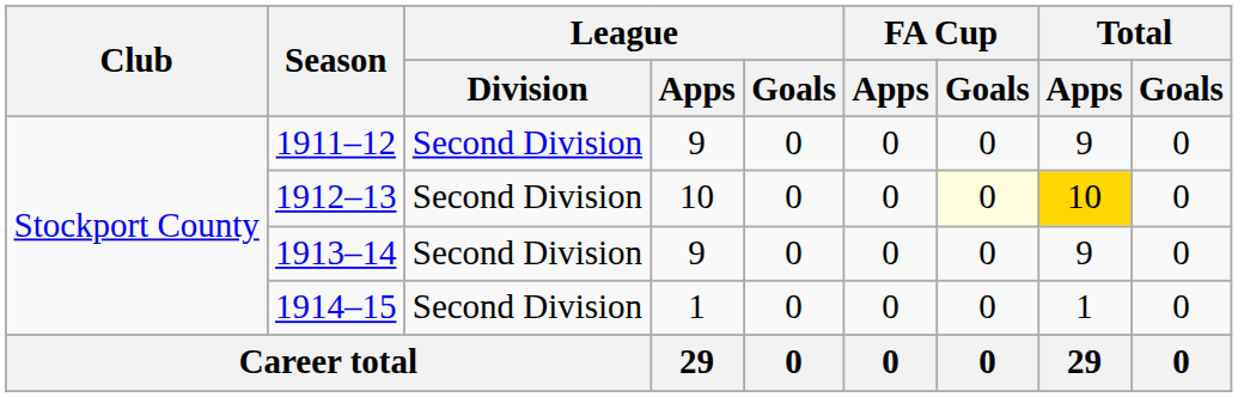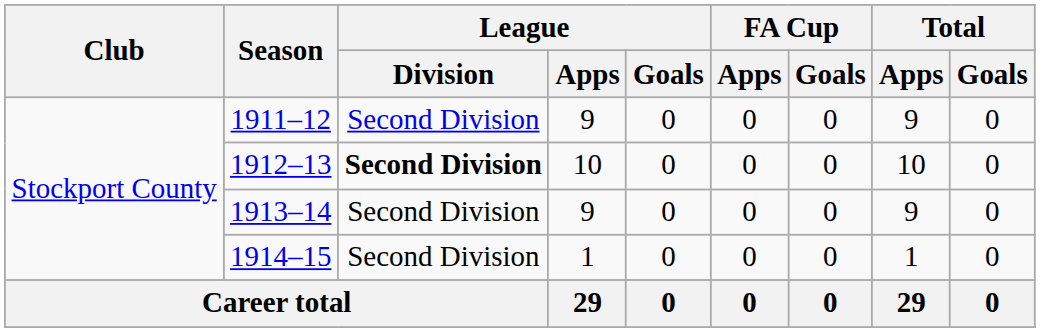 <table class="wikitable" style="text-align: center;">
 <tr>
 <th rowspan="2">Club</th>
 <th rowspan="2">Season</th>
 <th colspan="3">League</th>
 <th colspan="2">FA Cup</th>
 <th colspan="2">Total</th>
 </tr>
 <tr>
 <th>Division</th>
 <th>Apps</th>
 <th>Goals</th>
 <th>Apps</th>
 <th>Goals</th>
 <th>Apps</th>
 <th>Goals</th>
 </tr>
 <tr>
 <td rowspan="4"><a href='#'>Stockport County</a></td>
 <td><a href='#'>1911–12</a></td>
 <td><a href='#'>Second Division</a></td>
 <td>9</td>
 <td>0</td>
 <td>0</td>
 <td>0</td>
 <td>9</td>
 <td>0</td>
 </tr>
 <tr>
 <td><a href='#'>1912–13</a></td>
-<td>Second Division</td>
+<td><strong>Second Division</strong></td>
 <td>10</td>
 <td>0</td>
 <td>0</td>
-<td style="background: lightyellow;">0</td>
-<td style="background: gold;">10</td>
+<td>0</td>
+<td>10</td>
 <td>0</td>
 </tr>
 <tr>
 <td><a href='#'>1913–14</a></td>
 <td>Second Division</td>
 <td>9</td>
 <td>0</td>
 <td>0</td>
 <td>0</td>
 <td>9</td>
 <td>0</td>
 </tr>
 <tr>
 <td><a href='#'>1914–15</a></td>
 <td>Second Division</td>
 <td>1</td>
 <td>0</td>
 <td>0</td>
 <td>0</td>
 <td>1</td>
 <td>0</td>
 </tr>
 <tr>
 <th colspan="3">Career total</th>
 <th>29</th>
 <th>0</th>
 <th>0</th>
 <th>0</th>
 <th>29</th>
 <th>0</th>
 </tr>
 </table>
